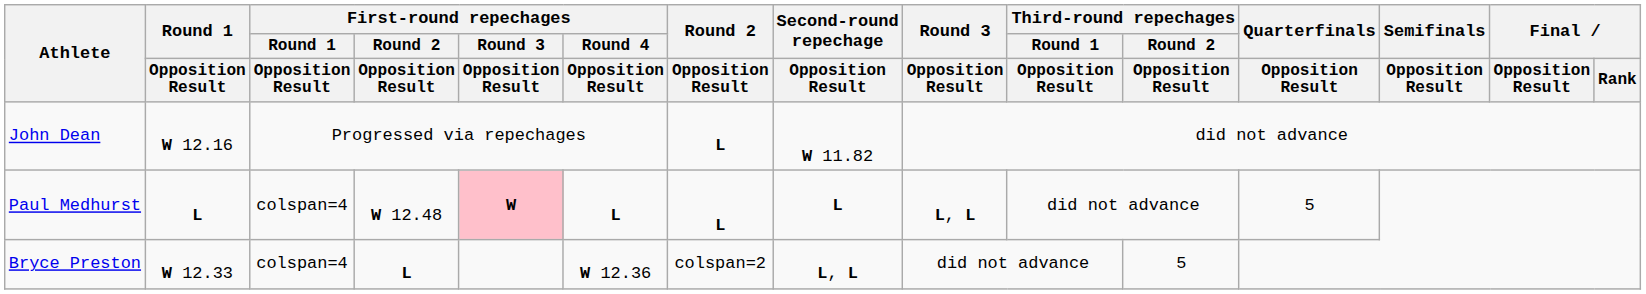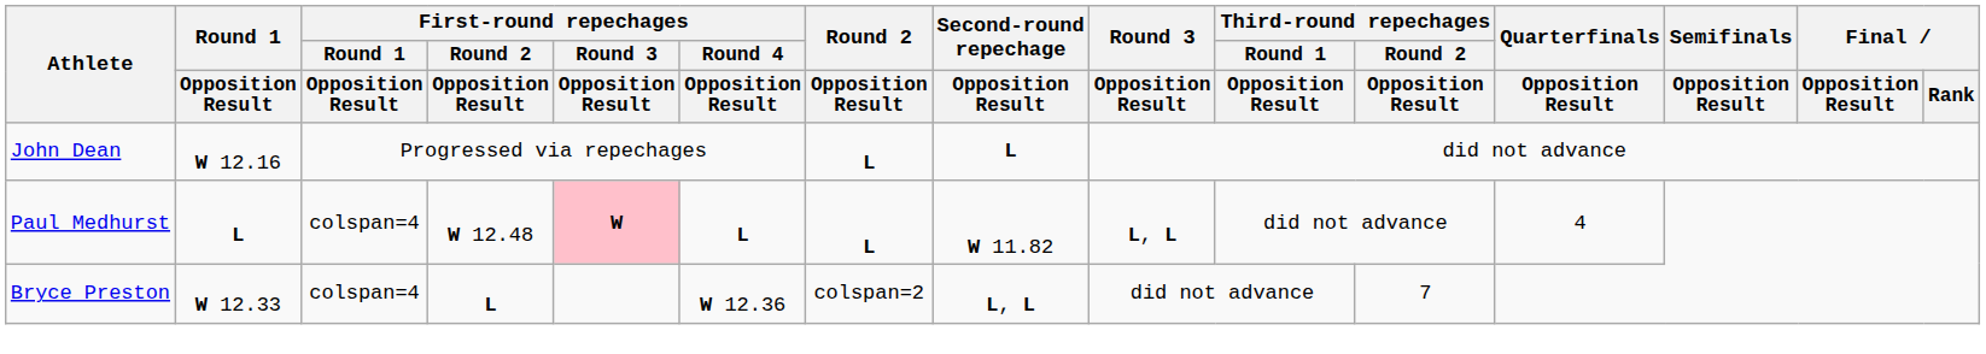 <table class="wikitable" style="font-size:90%;text-align:center;">
 <tr>
 <th rowspan=3>Athlete</th>
 <th rowspan=2>Round 1</th>
 <th colspan=4>First-round repechages</th>
 <th rowspan=2>Round 2</th>
 <th rowspan=2>Second-round<br>repechage</th>
 <th rowspan=2>Round 3</th>
 <th colspan=2>Third-round repechages</th>
 <th rowspan=2>Quarterfinals</th>
 <th rowspan=2>Semifinals</th>
 <th rowspan=2 colspan=2>Final / </th>
 </tr>
 <tr style="font-size:95%">
 <th>Round 1</th>
 <th>Round 2</th>
 <th>Round 3</th>
 <th>Round 4</th>
 <th>Round 1</th>
 <th>Round 2</th>
 </tr>
 <tr style="font-size:95%">
 <th>Opposition<br>Result</th>
 <th>Opposition<br>Result</th>
 <th>Opposition<br>Result</th>
 <th>Opposition<br>Result</th>
 <th>Opposition<br>Result</th>
 <th>Opposition<br>Result</th>
 <th>Opposition<br>Result</th>
 <th>Opposition<br>Result</th>
 <th>Opposition<br>Result</th>
 <th>Opposition<br>Result</th>
 <th>Opposition<br>Result</th>
 <th>Opposition<br>Result</th>
 <th>Opposition<br>Result</th>
 <th>Rank</th>
 </tr>
 <tr>
 <td style="text-align:left;"><a href='#'>John Dean</a></td>
 <td><br><strong>W</strong> 12.16</td>
 <td colspan=4>Progressed via repechages</td>
 <td><br><strong>L</strong></td>
-<td><br><br><strong>W</strong> 11.82</td>
+<td><strong>L</strong></td>
 <td colspan=7>did not advance</td>
 </tr>
 <tr>
 <td style="text-align:left;"><a href='#'>Paul Medhurst</a></td>
 <td><br><strong>L</strong></td>
 <td>colspan=4 </td>
 <td><br><strong>W</strong> 12.48</td>
 <td style="background: pink;"><strong>W</strong></td>
 <td><br><strong>L</strong></td>
 <td><br><br><strong>L</strong></td>
-<td><strong>L</strong></td>
+<td><br><br><strong>W</strong> 11.82</td>
 <td><br><strong>L</strong>, <strong>L</strong></td>
 <td colspan=2>did not advance</td>
-<td>5</td>
+<td>4</td>
 </tr>
 <tr>
 <td style="text-align:left;"><a href='#'>Bryce Preston</a></td>
 <td><br><strong>W</strong> 12.33</td>
 <td>colspan=4 </td>
 <td><br><strong>L</strong></td>
 <td></td>
 <td><br><strong>W</strong> 12.36</td>
 <td>colspan=2 </td>
 <td><br><strong>L</strong>, <strong>L</strong></td>
 <td colspan=2>did not advance</td>
-<td>5</td>
+<td>7</td>
 </tr>
 </table>
